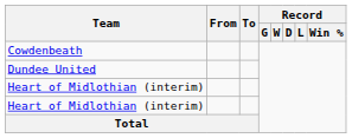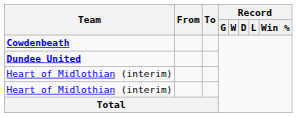 <table class=wikitable style=text-align:center>
 <tr>
 <th rowspan="2">Team</th>
 <th rowspan="2">From</th>
 <th rowspan="2">To</th>
 <th colspan="5">Record</th>
 </tr>
 <tr>
 <th>G</th>
 <th>W</th>
 <th>D</th>
 <th>L</th>
 <th>Win %</th>
 </tr>
 <tr>
-<td align="left"><a href='#'>Cowdenbeath</a></td>
+<td align="left"><strong><a href='#'>Cowdenbeath</a></strong></td>
 <td align="left"></td>
 <td align="left"><br></td>
 </tr>
 <tr>
-<td align="left"><a href='#'>Dundee United</a></td>
+<td align="left"><strong><a href='#'>Dundee United</a></strong></td>
 <td align="left"></td>
 <td align="left"><br></td>
 </tr>
 <tr>
 <td align="left"><a href='#'>Heart of Midlothian</a> (interim)</td>
 <td align="left"></td>
 <td align="left"><br></td>
 </tr>
 <tr>
 <td align="left"><a href='#'>Heart of Midlothian</a> (interim)</td>
 <td align="left"></td>
 <td align="left"><br></td>
 </tr>
 <tr>
 <th colspan=3>Total<br></th>
 </tr>
 </table>
